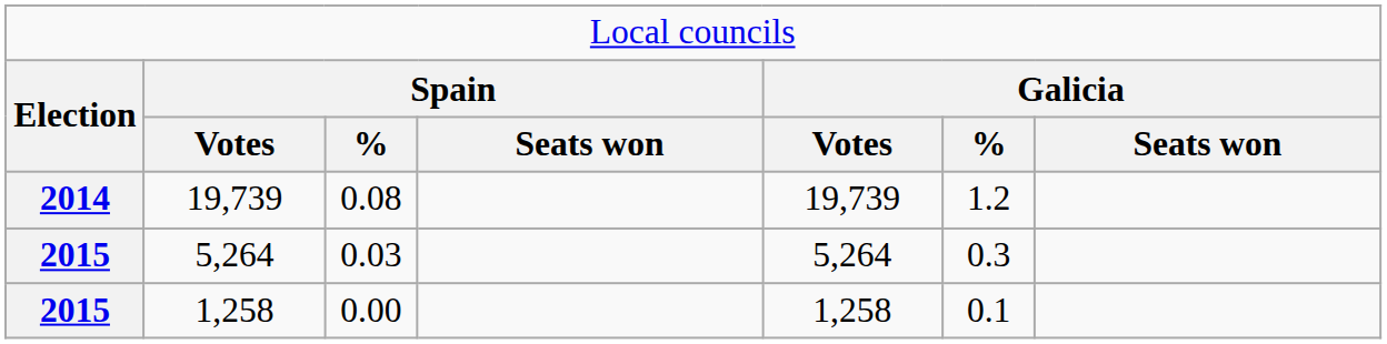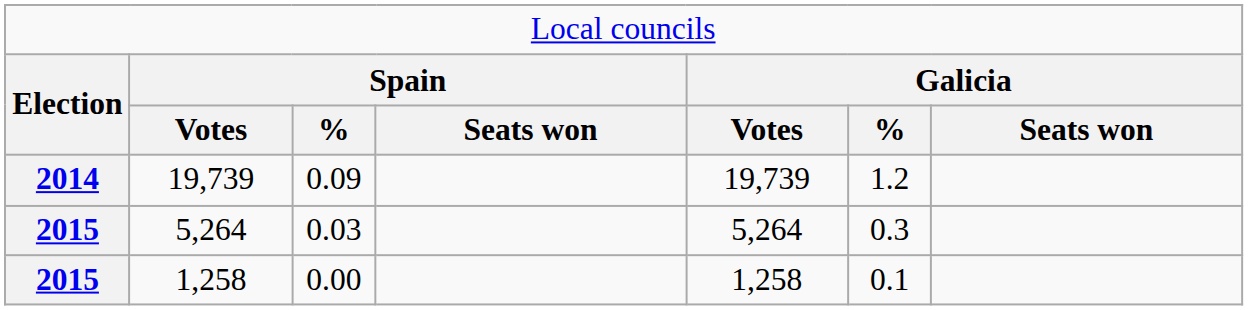 <table class="wikitable" style="text-align:center;">
 <tr>
 <td colspan="8"><a href='#'>Local councils</a></td>
 </tr>
 <tr>
 <th width="50px" rowspan="2">Election</th>
 <th colspan="3">Spain</th>
 <th colspan="3">Galicia</th>
 </tr>
 <tr>
 <th width="75px">Votes</th>
 <th width="35px">%</th>
 <th width="150px">Seats won</th>
 <th width="75px">Votes</th>
 <th width="35px">%</th>
 <th width="150px">Seats won</th>
 </tr>
 <tr>
 <th><a href='#'>2014</a></th>
 <td>19,739</td>
-<td>0.08</td>
+<td>0.09</td>
 <td></td>
 <td>19,739</td>
 <td>1.2</td>
 <td></td>
 </tr>
 <tr>
 <th><a href='#'>2015</a></th>
 <td>5,264</td>
 <td>0.03</td>
 <td></td>
 <td>5,264</td>
 <td>0.3</td>
 <td></td>
 </tr>
 <tr>
 <th><a href='#'>2015</a></th>
 <td>1,258</td>
 <td>0.00</td>
 <td></td>
 <td>1,258</td>
 <td>0.1</td>
 <td></td>
 </tr>
 </table>
